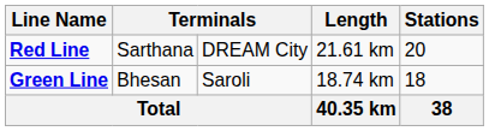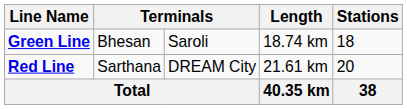 <table class="wikitable">
 <tr>
 <th>Line Name</th>
 <th colspan="2">Terminals</th>
 <th>Length</th>
 <th>Stations</th>
+</tr>
+<tr>
+<td style="background:#"><strong><a href='#'><span>Green Line</span></a></strong></td>
+<td>Bhesan</td>
+<td>Saroli</td>
+<td>18.74 km</td>
+<td>18</td>
 </tr>
 <tr>
 <td style="background:#"><strong><a href='#'><span>Red Line</span></a></strong></td>
 <td>Sarthana</td>
 <td>DREAM City</td>
 <td>21.61 km</td>
 <td>20</td>
 </tr>
 <tr>
-<td style="background:#"><strong><a href='#'><span>Green Line</span></a></strong></td>
-<td>Bhesan</td>
-<td>Saroli</td>
-<td>18.74 km</td>
-<td>18</td>
-</tr>
-<tr>
 <th colspan="3"><strong>Total</strong></th>
 <th>40.35 km</th>
 <th>38</th>
 </tr>
 </table>
